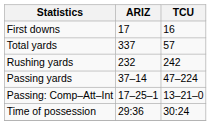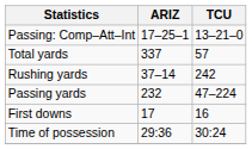 <table class="wikitable" style="float: left;">
 <tr>
 <th>Statistics</th>
 <th>ARIZ</th>
 <th>TCU</th>
 </tr>
 <tr>
-<td>First downs</td>
-<td>17</td>
-<td>16</td>
+<td>Passing: Comp–Att–Int</td>
+<td>17–25–1</td>
+<td>13–21–0</td>
 </tr>
 <tr>
 <td>Total yards</td>
 <td>337</td>
 <td>57</td>
 </tr>
 <tr>
 <td>Rushing yards</td>
-<td>232</td>
+<td>37–14</td>
 <td>242</td>
 </tr>
 <tr>
 <td>Passing yards</td>
-<td>37–14</td>
+<td>232</td>
 <td>47–224</td>
 </tr>
 <tr>
-<td>Passing: Comp–Att–Int</td>
-<td>17–25–1</td>
-<td>13–21–0</td>
+<td>First downs</td>
+<td>17</td>
+<td>16</td>
 </tr>
 <tr>
 <td>Time of possession</td>
 <td>29:36</td>
 <td>30:24</td>
 </tr>
 <tr>
 </tr>
 </table>
